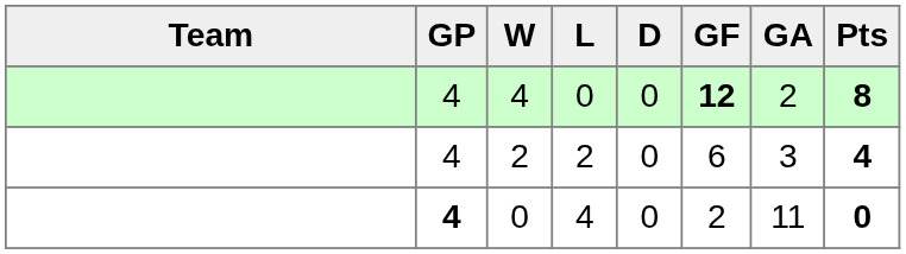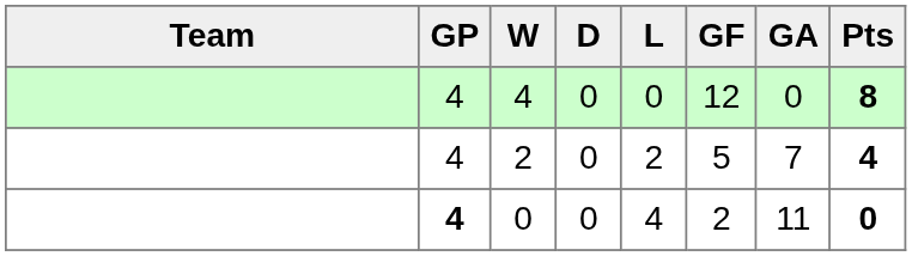 <table style=border-collapse:collapse border=1 cellspacing=0 cellpadding=5>
 <tr align=center bgcolor=#efefef>
 <th width=185>Team</th>
 <th width=20>GP</th>
 <th width=20>W</th>
+<th width=20>D</th>
 <th width=20>L</th>
-<th width=20>D</th>
 <th width=20>GF</th>
 <th width=20>GA</th>
 <th width=20>Pts</th>
 </tr>
 <tr bgcolor=#ccffcc align=center>
 <td style="text-align:left;"></td>
 <td>4</td>
 <td>4</td>
 <td>0</td>
 <td>0</td>
-<td><strong>12</strong></td>
-<td>2</td>
+<td>12</td>
+<td>0</td>
 <td><strong>8</strong></td>
 </tr>
 <tr align=center>
 <td style="text-align:left;"></td>
 <td>4</td>
 <td>2</td>
+<td>0</td>
 <td>2</td>
-<td>0</td>
-<td>6</td>
-<td>3</td>
+<td>5</td>
+<td>7</td>
 <td><strong>4</strong></td>
 </tr>
 <tr align=center>
 <td style="text-align:left;"></td>
 <td><strong>4</strong></td>
 <td>0</td>
+<td>0</td>
 <td>4</td>
-<td>0</td>
 <td>2</td>
 <td>11</td>
 <td><strong>0</strong></td>
 </tr>
 </table>
